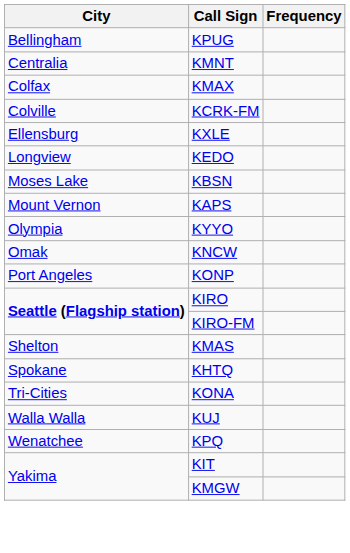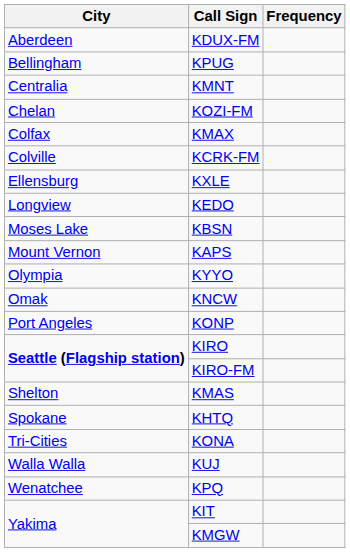 <table class="wikitable">
 <tr>
 <th scope="col">City</th>
 <th scope="col">Call Sign</th>
 <th scope="col">Frequency</th>
+</tr>
+<tr>
+<td><a href='#'>Aberdeen</a></td>
+<td><a href='#'>KDUX-FM</a></td>
+<td></td>
 </tr>
 <tr>
 <td><a href='#'>Bellingham</a></td>
 <td><a href='#'>KPUG</a></td>
 <td></td>
 </tr>
 <tr>
 <td><a href='#'>Centralia</a></td>
 <td><a href='#'>KMNT</a></td>
+<td></td>
+</tr>
+<tr>
+<td><a href='#'>Chelan</a></td>
+<td><a href='#'>KOZI-FM</a></td>
 <td></td>
 </tr>
 <tr>
 <td><a href='#'>Colfax</a></td>
 <td><a href='#'>KMAX</a></td>
 <td></td>
 </tr>
 <tr>
 <td><a href='#'>Colville</a></td>
 <td><a href='#'>KCRK-FM</a></td>
 <td></td>
 </tr>
 <tr>
 <td><a href='#'>Ellensburg</a></td>
 <td><a href='#'>KXLE</a></td>
 <td></td>
 </tr>
 <tr>
 <td><a href='#'>Longview</a></td>
 <td><a href='#'>KEDO</a></td>
 <td></td>
 </tr>
 <tr>
 <td><a href='#'>Moses Lake</a></td>
 <td><a href='#'>KBSN</a></td>
 <td></td>
 </tr>
 <tr>
 <td><a href='#'>Mount Vernon</a></td>
 <td><a href='#'>KAPS</a></td>
 <td></td>
 </tr>
 <tr>
 <td><a href='#'>Olympia</a></td>
 <td><a href='#'>KYYO</a></td>
 <td></td>
 </tr>
 <tr>
 <td><a href='#'>Omak</a></td>
 <td><a href='#'>KNCW</a></td>
 <td></td>
 </tr>
 <tr>
 <td><a href='#'>Port Angeles</a></td>
 <td><a href='#'>KONP</a></td>
 <td></td>
 </tr>
 <tr>
 <td rowspan=2><strong><a href='#'>Seattle</a></strong> <strong>(<a href='#'>Flagship station</a>)</strong></td>
 <td><a href='#'>KIRO</a></td>
 <td></td>
 </tr>
 <tr>
 <td><a href='#'>KIRO-FM</a></td>
 <td></td>
 </tr>
 <tr>
 <td><a href='#'>Shelton</a></td>
 <td><a href='#'>KMAS</a></td>
 <td></td>
 </tr>
 <tr>
 <td><a href='#'>Spokane</a></td>
 <td><a href='#'>KHTQ</a></td>
 <td></td>
 </tr>
 <tr>
 <td><a href='#'>Tri-Cities</a></td>
 <td><a href='#'>KONA</a></td>
 <td></td>
 </tr>
 <tr>
 <td><a href='#'>Walla Walla</a></td>
 <td><a href='#'>KUJ</a></td>
 <td></td>
 </tr>
 <tr>
 <td><a href='#'>Wenatchee</a></td>
 <td><a href='#'>KPQ</a></td>
 <td></td>
 </tr>
 <tr>
 <td rowspan=2><a href='#'>Yakima</a></td>
 <td><a href='#'>KIT</a></td>
 <td></td>
 </tr>
 <tr>
 <td><a href='#'>KMGW</a></td>
 <td></td>
 </tr>
 </table>
